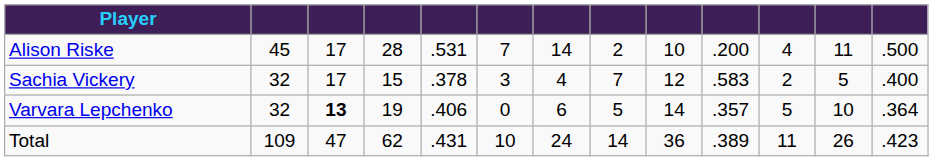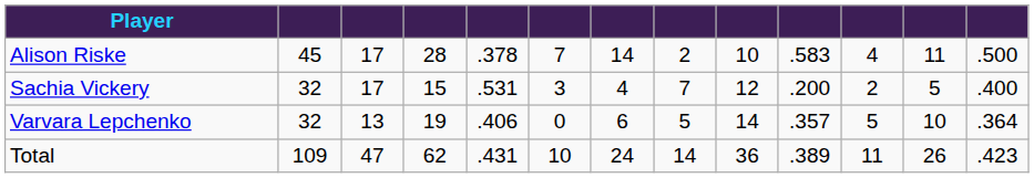 <table class="wikitable" style="text-align:center">
 <tr>
 <th style="background:#3d1e56; color:#25d0ff" width="200px">Player</th>
 <th style="background:#3d1e56; color:#25d0ff" width="40px"></th>
 <th style="background:#3d1e56; color:#25d0ff" width="40px"></th>
 <th style="background:#3d1e56; color:#25d0ff" width="40px"></th>
 <th style="background:#3d1e56; color:#25d0ff" width="40px"></th>
 <th style="background:#3d1e56; color:#25d0ff" width="40px"></th>
 <th style="background:#3d1e56; color:#25d0ff" width="40px"></th>
 <th style="background:#3d1e56; color:#25d0ff" width="40px"></th>
 <th style="background:#3d1e56; color:#25d0ff" width="40px"></th>
 <th style="background:#3d1e56; color:#25d0ff" width="40px"></th>
 <th style="background:#3d1e56; color:#25d0ff" width="40px"></th>
 <th style="background:#3d1e56; color:#25d0ff" width="40px"></th>
 <th style="background:#3d1e56; color:#25d0ff" width="40px"></th>
 </tr>
 <tr>
 <td style="text-align:left"><a href='#'>Alison Riske</a></td>
 <td>45</td>
 <td>17</td>
 <td>28</td>
-<td>.531</td>
+<td>.378</td>
 <td>7</td>
 <td>14</td>
 <td>2</td>
 <td>10</td>
-<td>.200</td>
+<td>.583</td>
 <td>4</td>
 <td>11</td>
 <td>.500</td>
 </tr>
 <tr>
 <td style="text-align:left"><a href='#'>Sachia Vickery</a></td>
 <td>32</td>
 <td>17</td>
 <td>15</td>
-<td>.378</td>
+<td>.531</td>
 <td>3</td>
 <td>4</td>
 <td>7</td>
 <td>12</td>
-<td>.583</td>
+<td>.200</td>
 <td>2</td>
 <td>5</td>
 <td>.400</td>
 </tr>
 <tr>
 <td style="text-align:left"><a href='#'>Varvara Lepchenko</a></td>
 <td>32</td>
-<td><strong>13</strong></td>
+<td>13</td>
 <td>19</td>
 <td>.406</td>
 <td>0</td>
 <td>6</td>
 <td>5</td>
 <td>14</td>
 <td>.357</td>
 <td>5</td>
 <td>10</td>
 <td>.364</td>
 </tr>
 <tr>
 <td style="text-align:left">Total</td>
 <td>109</td>
 <td>47</td>
 <td>62</td>
 <td>.431</td>
 <td>10</td>
 <td>24</td>
 <td>14</td>
 <td>36</td>
 <td>.389</td>
 <td>11</td>
 <td>26</td>
 <td>.423</td>
 </tr>
 </table>
